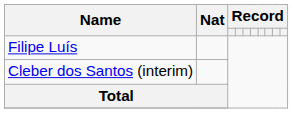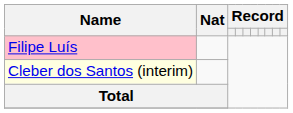 <table class="wikitable sortable">
 <tr>
 <th rowspan="2">Name</th>
 <th rowspan="2">Nat</th>
 <th colspan="8">Record</th>
 </tr>
 <tr>
 <th></th>
 <th></th>
 <th></th>
 <th></th>
 <th></th>
 <th></th>
 <th></th>
 <th></th>
 </tr>
 <tr>
-<td align=left><a href='#'>Filipe Luís</a></td>
+<td align=left style="background: pink;"><a href='#'>Filipe Luís</a></td>
 <td><br></td>
 </tr>
 <tr>
-<td align=left><a href='#'>Cleber dos Santos</a> (interim) </td>
+<td align=left style="background: lightyellow;"><a href='#'>Cleber dos Santos</a> (interim) </td>
 <td><br></td>
 </tr>
 <tr>
 <th colspan="2">Total<br></th>
 </tr>
 <tr>
 </tr>
 </table>
